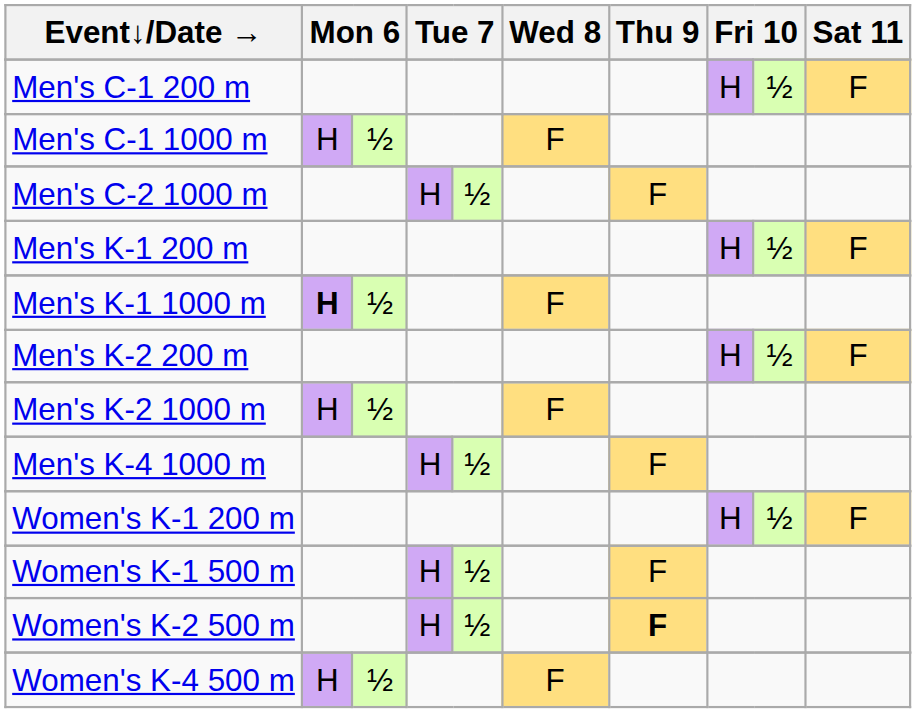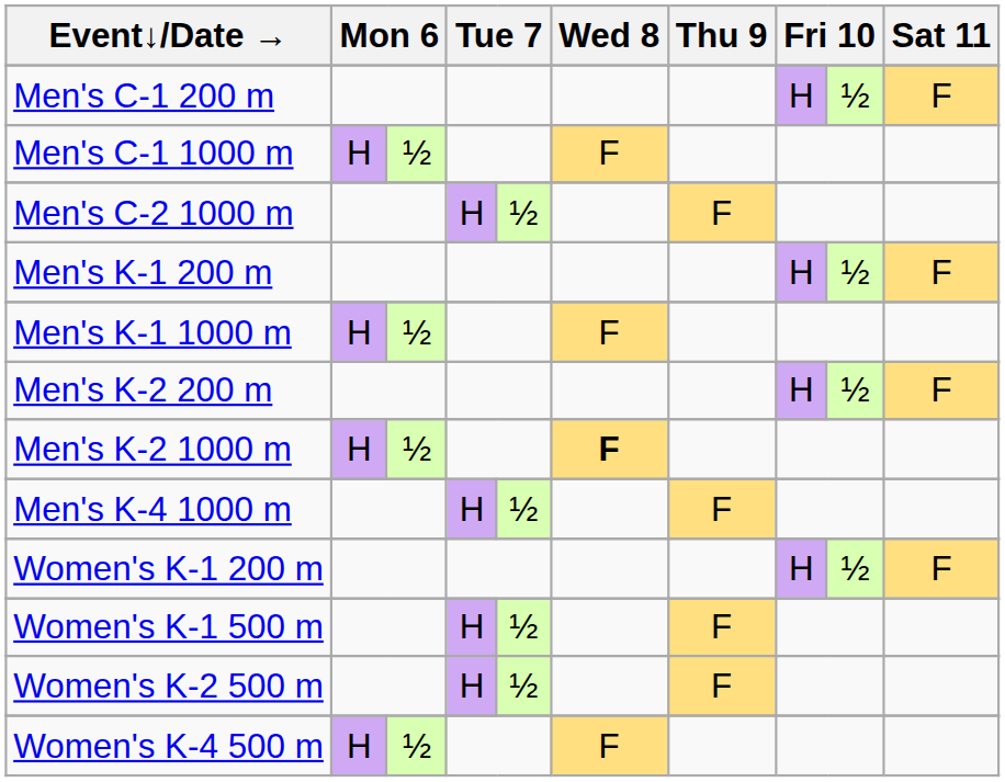 <table class="wikitable" style="margin:0.5em auto; font-size:90%; line-height:1.25em;">
 <tr style="text-align:center;">
 <th>Event↓/Date →</th>
 <th colspan="2">Mon 6</th>
 <th colspan="2">Tue 7</th>
 <th>Wed 8</th>
 <th>Thu 9</th>
 <th colspan="2">Fri 10</th>
 <th>Sat 11</th>
 </tr>
 <tr>
 </tr>
 <tr style="text-align:center;">
 <td style="text-align:left;"><a href='#'>Men's C-1 200 m</a></td>
 <td colspan="2"></td>
 <td colspan="2"></td>
 <td></td>
 <td></td>
 <td style="background-color:#D0A9F5;">H</td>
 <td style="background-color:#D9FFB2;">½</td>
 <td style="background-color:#FFDF80;">F</td>
 </tr>
 <tr>
 </tr>
 <tr style="text-align:center;">
 <td style="text-align:left;"><a href='#'>Men's C-1 1000 m</a></td>
 <td style="background-color:#D0A9F5;">H</td>
 <td style="background-color:#D9FFB2;">½</td>
 <td colspan="2"></td>
 <td style="background-color:#FFDF80;">F</td>
 <td></td>
 <td colspan="2"></td>
 <td></td>
 </tr>
 <tr>
 </tr>
 <tr style="text-align:center;">
 <td style="text-align:left;"><a href='#'>Men's C-2 1000 m</a></td>
 <td colspan="2"></td>
 <td style="background-color:#D0A9F5;">H</td>
 <td style="background-color:#D9FFB2;">½</td>
 <td></td>
 <td style="background-color:#FFDF80;">F</td>
 <td colspan="2"></td>
 <td></td>
 </tr>
 <tr>
 </tr>
 <tr style="text-align:center;">
 <td style="text-align:left;"><a href='#'>Men's K-1 200 m</a></td>
 <td colspan="2"></td>
 <td colspan="2"></td>
 <td></td>
 <td></td>
 <td style="background-color:#D0A9F5;">H</td>
 <td style="background-color:#D9FFB2;">½</td>
 <td style="background-color:#FFDF80;">F</td>
 </tr>
 <tr>
 </tr>
 <tr style="text-align:center;">
 <td style="text-align:left;"><a href='#'>Men's K-1 1000 m</a></td>
-<td style="background-color:#D0A9F5;"><strong>H</strong></td>
+<td style="background-color:#D0A9F5;">H</td>
 <td style="background-color:#D9FFB2;">½</td>
 <td colspan="2"></td>
 <td style="background-color:#FFDF80;">F</td>
 <td></td>
 <td colspan="2"></td>
 <td></td>
 </tr>
 <tr>
 </tr>
 <tr style="text-align:center;">
 <td style="text-align:left;"><a href='#'>Men's K-2 200 m</a></td>
 <td colspan="2"></td>
 <td colspan="2"></td>
 <td></td>
 <td></td>
 <td style="background-color:#D0A9F5;">H</td>
 <td style="background-color:#D9FFB2;">½</td>
 <td style="background-color:#FFDF80;">F</td>
 </tr>
 <tr>
 </tr>
 <tr style="text-align:center;">
 <td style="text-align:left;"><a href='#'>Men's K-2 1000 m</a></td>
 <td style="background-color:#D0A9F5;">H</td>
 <td style="background-color:#D9FFB2;">½</td>
 <td colspan="2"></td>
-<td style="background-color:#FFDF80;">F</td>
+<td style="background-color:#FFDF80;"><strong>F</strong></td>
 <td></td>
 <td colspan="2"></td>
 <td></td>
 </tr>
 <tr>
 </tr>
 <tr style="text-align:center;">
 <td style="text-align:left;"><a href='#'>Men's K-4 1000 m</a></td>
 <td colspan="2"></td>
 <td style="background-color:#D0A9F5;">H</td>
 <td style="background-color:#D9FFB2;">½</td>
 <td></td>
 <td style="background-color:#FFDF80;">F</td>
 <td colspan="2"></td>
 <td></td>
 </tr>
 <tr>
 </tr>
 <tr style="text-align:center;">
 <td style="text-align:left;"><a href='#'>Women's K-1 200 m</a></td>
 <td colspan="2"></td>
 <td colspan="2"></td>
 <td></td>
 <td></td>
 <td style="background-color:#D0A9F5;">H</td>
 <td style="background-color:#D9FFB2;">½</td>
 <td style="background-color:#FFDF80;">F</td>
 </tr>
 <tr>
 </tr>
 <tr style="text-align:center;">
 <td style="text-align:left;"><a href='#'>Women's K-1 500 m</a></td>
 <td colspan="2"></td>
 <td style="background-color:#D0A9F5;">H</td>
 <td style="background-color:#D9FFB2;">½</td>
 <td></td>
 <td style="background-color:#FFDF80;">F</td>
 <td colspan="2"></td>
 <td></td>
 </tr>
 <tr>
 </tr>
 <tr style="text-align:center;">
 <td style="text-align:left;"><a href='#'>Women's K-2 500 m</a></td>
 <td colspan="2"></td>
 <td style="background-color:#D0A9F5;">H</td>
 <td style="background-color:#D9FFB2;">½</td>
 <td></td>
-<td style="background-color:#FFDF80;"><strong>F</strong></td>
+<td style="background-color:#FFDF80;">F</td>
 <td colspan="2"></td>
 <td></td>
 </tr>
 <tr>
 </tr>
 <tr style="text-align:center;">
 <td style="text-align:left;"><a href='#'>Women's K-4 500 m</a></td>
 <td style="background-color:#D0A9F5;">H</td>
 <td style="background-color:#D9FFB2;">½</td>
 <td colspan="2"></td>
 <td style="background-color:#FFDF80;">F</td>
 <td></td>
 <td colspan="2"></td>
 <td></td>
 </tr>
 </table>
